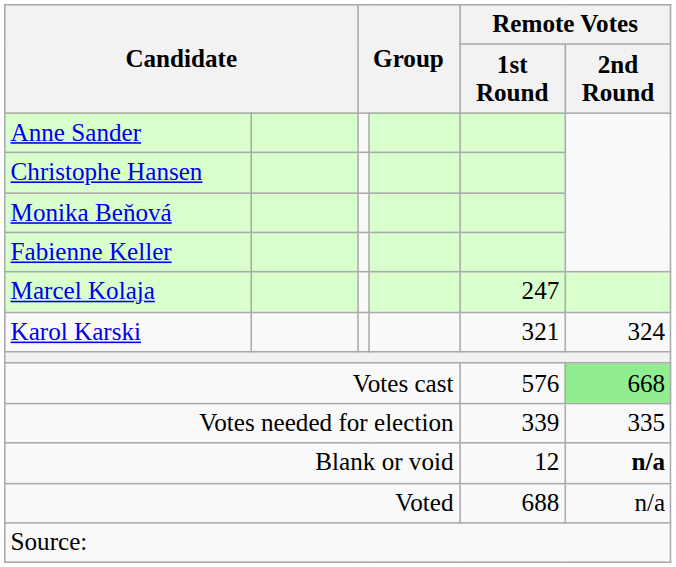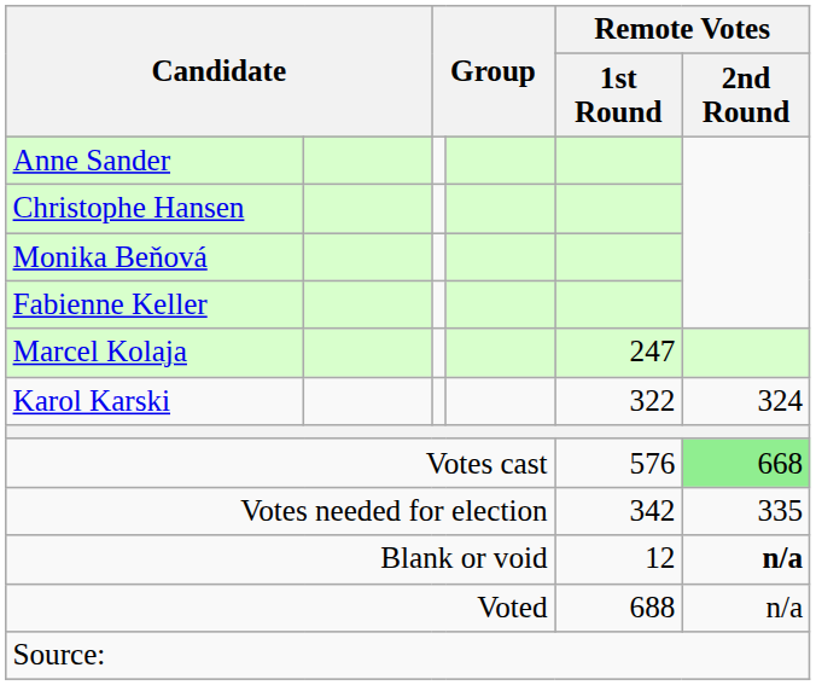 <table class="wikitable">
 <tr>
 <th colspan=2 rowspan=2>Candidate</th>
 <th colspan=2 rowspan=2>Group</th>
 <th colspan=2 style="width:60px;">Remote Votes</th>
 </tr>
 <tr>
 <th style="width:60px;">1st Round</th>
 <th style="width:60px;">2nd Round</th>
 </tr>
 <tr>
 <td style="width:150px; background-color:#d8ffcc"><a href='#'>Anne Sander</a></td>
 <td style="width:60px; background-color:#d8ffcc"></td>
 <td style="background-color:width:1px; background-color:"></td>
 <td style="width:50px; background-color:#d8ffcc"><strong></strong></td>
 <td align="right" style="background-color:#d8ffcc"><strong></strong></td>
 <td colspan=2 rowspan=4 align="right"></td>
 </tr>
 <tr>
 <td style="background-color:#d8ffcc"><a href='#'>Christophe Hansen</a></td>
 <td style="background-color:#d8ffcc"></td>
 <td style="background-color:"></td>
 <td style="background-color:#d8ffcc"><strong></strong></td>
 <td align="right" style="background-color:#d8ffcc"><strong></strong></td>
 </tr>
 <tr>
 <td style="background-color:#d8ffcc"><a href='#'>Monika Beňová</a></td>
 <td style="background-color:#d8ffcc"></td>
 <td style="background-color:"></td>
 <td style="background-color:#d8ffcc"><strong></strong></td>
 <td align="right" style="background-color:#d8ffcc"><strong></strong></td>
 </tr>
 <tr>
 <td style="background-color:#d8ffcc"><a href='#'>Fabienne Keller</a></td>
 <td style="background-color:#d8ffcc"></td>
 <td style="background-color:"></td>
 <td style="background-color:#d8ffcc"><strong></strong></td>
 <td align="right" style="background-color:#d8ffcc"><strong></strong></td>
 </tr>
 <tr>
 <td style="background-color:#d8ffcc"><a href='#'>Marcel Kolaja</a></td>
 <td style="background-color:#d8ffcc"></td>
 <td style="background-color:"></td>
 <td style="background-color:#d8ffcc"><strong></strong></td>
 <td align="right" style="background-color:#d8ffcc">247</td>
 <td align="right" style="background-color:#d8ffcc"><strong></strong></td>
 </tr>
 <tr>
 <td><a href='#'>Karol Karski</a></td>
 <td></td>
 <td style="background-color:"></td>
 <td><strong></strong></td>
-<td align="right">321</td>
+<td align="right">322</td>
 <td align="right">324</td>
 </tr>
 <tr>
 <th colspan=6></th>
 </tr>
 <tr>
 <td colspan=4 align="right">Votes cast</td>
 <td align="right">576</td>
 <td align="right" style="background: lightgreen;">668</td>
 </tr>
 <tr>
 <td colspan=4 align="right">Votes needed for election</td>
-<td align="right">339</td>
+<td align="right">342</td>
 <td align="right">335</td>
 </tr>
 <tr>
 <td colspan=4 align="right">Blank or void</td>
 <td align="right">12</td>
 <td align="right"><strong>n/a</strong></td>
 </tr>
 <tr>
 <td colspan=4 align="right">Voted</td>
 <td align="right">688</td>
 <td align="right">n/a</td>
 </tr>
 <tr>
 <td colspan=6>Source: </td>
 </tr>
 </table>
